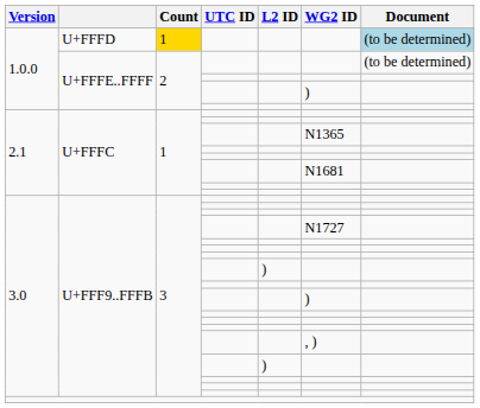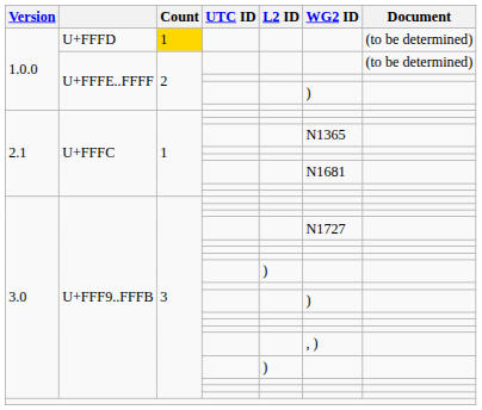 <table class="wikitable collapsible sticky-header">
 <tr>
 <th><a href='#'>Version</a></th>
 <th></th>
 <th>Count</th>
 <th><a href='#'>UTC</a> ID</th>
 <th><a href='#'>L2</a> ID</th>
 <th><a href='#'>WG2</a> ID</th>
 <th>Document</th>
 </tr>
 <tr>
 <td rowspan="5">1.0.0</td>
 <td>U+FFFD</td>
 <td style="background: gold;">1</td>
 <td></td>
 <td></td>
 <td></td>
-<td style="background: lightblue;">(to be determined)</td>
+<td>(to be determined)</td>
 </tr>
 <tr>
 <td rowspan="4">U+FFFE..FFFF</td>
 <td rowspan="4">2</td>
 <td></td>
 <td></td>
 <td></td>
 <td>(to be determined)</td>
 </tr>
 <tr>
 <td></td>
 <td></td>
 <td></td>
 <td></td>
 </tr>
 <tr>
 <td></td>
 <td></td>
 <td> )</td>
 <td></td>
 </tr>
 <tr>
 <td></td>
 <td></td>
 <td></td>
 <td></td>
 </tr>
 <tr>
 <td rowspan="8">2.1</td>
 <td rowspan="8">U+FFFC</td>
 <td rowspan="8">1</td>
 <td></td>
 <td></td>
 <td></td>
 <td></td>
 </tr>
 <tr>
 <td></td>
 <td></td>
 <td></td>
 <td></td>
 </tr>
 <tr>
 <td></td>
 <td></td>
 <td>N1365</td>
 <td></td>
 </tr>
 <tr>
 <td></td>
 <td></td>
 <td></td>
 <td></td>
 </tr>
 <tr>
 <td></td>
 <td></td>
 <td></td>
 <td></td>
 </tr>
 <tr>
 <td></td>
 <td></td>
 <td>N1681</td>
 <td></td>
 </tr>
 <tr>
 <td></td>
 <td></td>
 <td></td>
 <td></td>
 </tr>
 <tr>
 <td></td>
 <td></td>
 <td></td>
 <td></td>
 </tr>
 <tr>
 <td rowspan="18">3.0</td>
 <td rowspan="18">U+FFF9..FFFB</td>
 <td rowspan="18">3</td>
 <td></td>
 <td></td>
 <td></td>
 <td></td>
 </tr>
 <tr>
 <td></td>
 <td></td>
 <td></td>
 <td></td>
 </tr>
 <tr>
 <td></td>
 <td></td>
 <td></td>
 <td></td>
 </tr>
 <tr>
 <td></td>
 <td></td>
 <td>N1727</td>
 <td></td>
 </tr>
 <tr>
 <td></td>
 <td></td>
 <td></td>
 <td></td>
 </tr>
 <tr>
 <td></td>
 <td></td>
 <td></td>
 <td></td>
 </tr>
 <tr>
 <td></td>
 <td></td>
 <td></td>
 <td></td>
 </tr>
 <tr>
 <td></td>
 <td> )</td>
 <td></td>
 <td></td>
 </tr>
 <tr>
 <td></td>
 <td></td>
 <td></td>
 <td></td>
 </tr>
 <tr>
 <td></td>
 <td></td>
 <td> )</td>
 <td></td>
 </tr>
 <tr>
 <td></td>
 <td></td>
 <td></td>
 <td></td>
 </tr>
 <tr>
 <td></td>
 <td></td>
 <td></td>
 <td></td>
 </tr>
 <tr>
 <td></td>
 <td></td>
 <td></td>
 <td></td>
 </tr>
 <tr>
 <td></td>
 <td></td>
 <td> , )</td>
 <td></td>
 </tr>
 <tr>
 <td></td>
 <td> )</td>
 <td></td>
 <td></td>
 </tr>
 <tr>
 <td></td>
 <td></td>
 <td></td>
 <td></td>
 </tr>
 <tr>
 <td></td>
 <td></td>
 <td></td>
 <td></td>
 </tr>
 <tr>
 <td></td>
 <td></td>
 <td></td>
 <td></td>
 </tr>
 <tr class="sortbottom">
 <td colspan="7"></td>
 </tr>
 </table>
